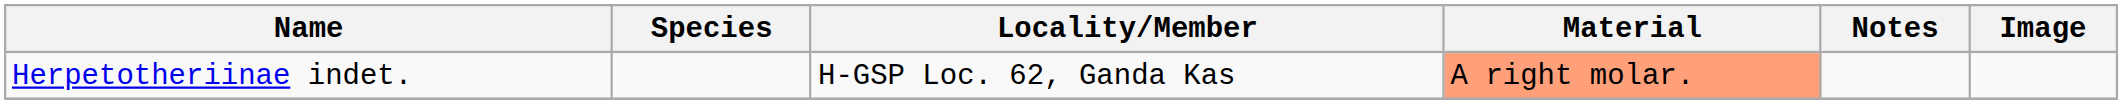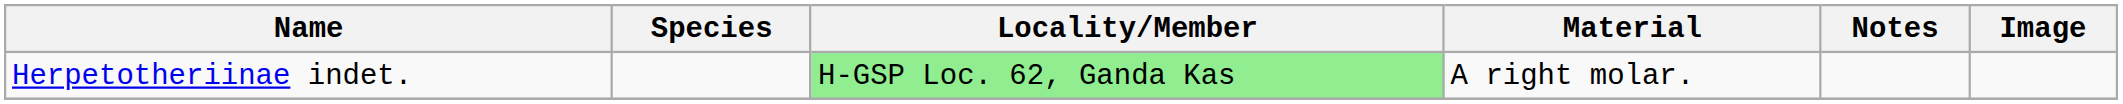 <table class="wikitable" align="center" width="75%">
 <tr>
 <th>Name</th>
 <th>Species</th>
 <th>Locality/Member</th>
 <th>Material</th>
 <th>Notes</th>
 <th>Image</th>
 </tr>
 <tr>
 <td><a href='#'>Herpetotheriinae</a> indet.</td>
 <td></td>
-<td>H-GSP Loc. 62, Ganda Kas</td>
-<td style="background: lightsalmon;">A right molar.</td>
+<td style="background: lightgreen;">H-GSP Loc. 62, Ganda Kas</td>
+<td>A right molar.</td>
 <td></td>
 <td></td>
 </tr>
 <tr>
 </tr>
 </table>
